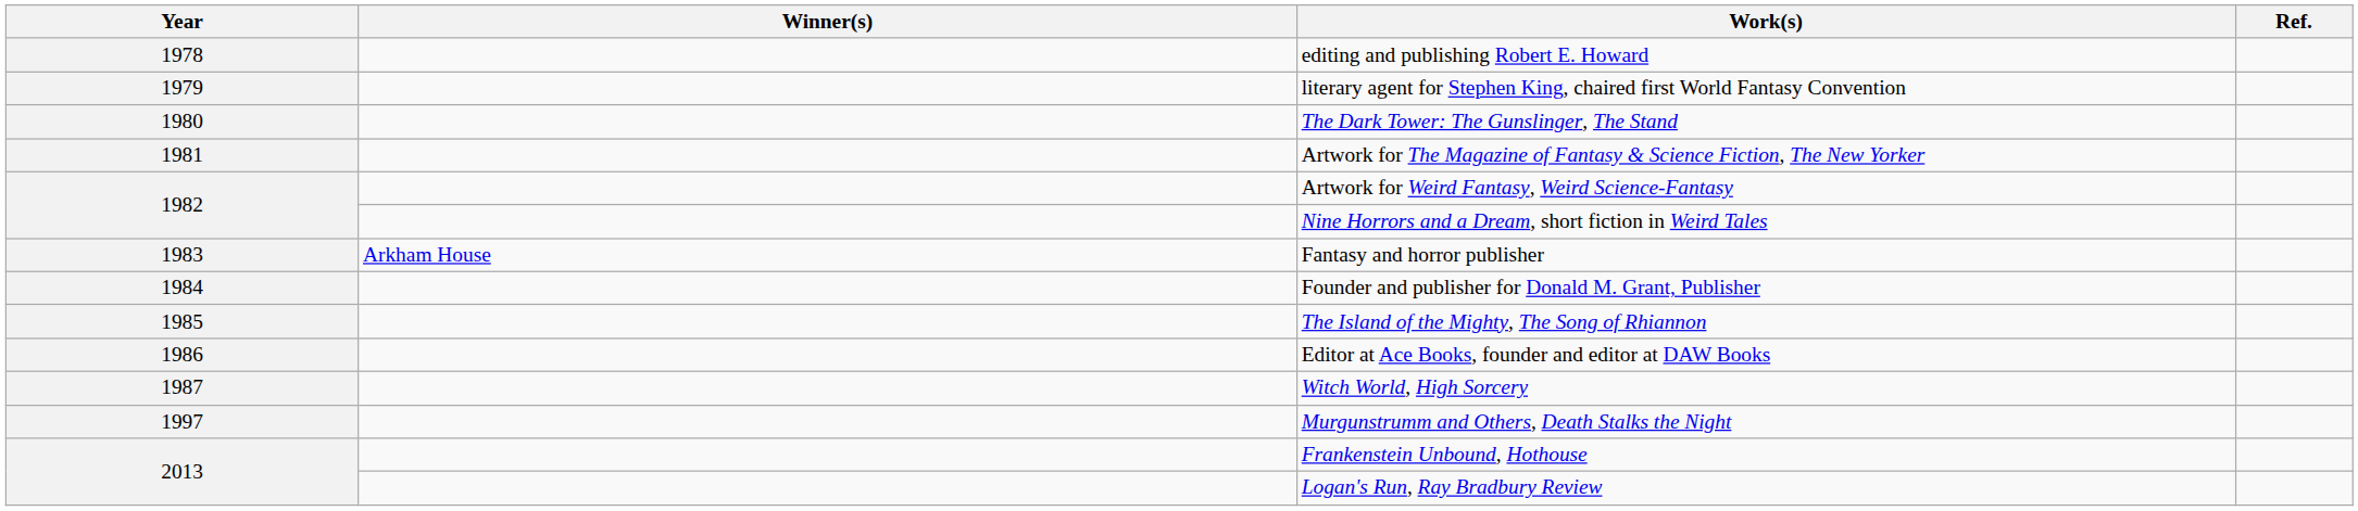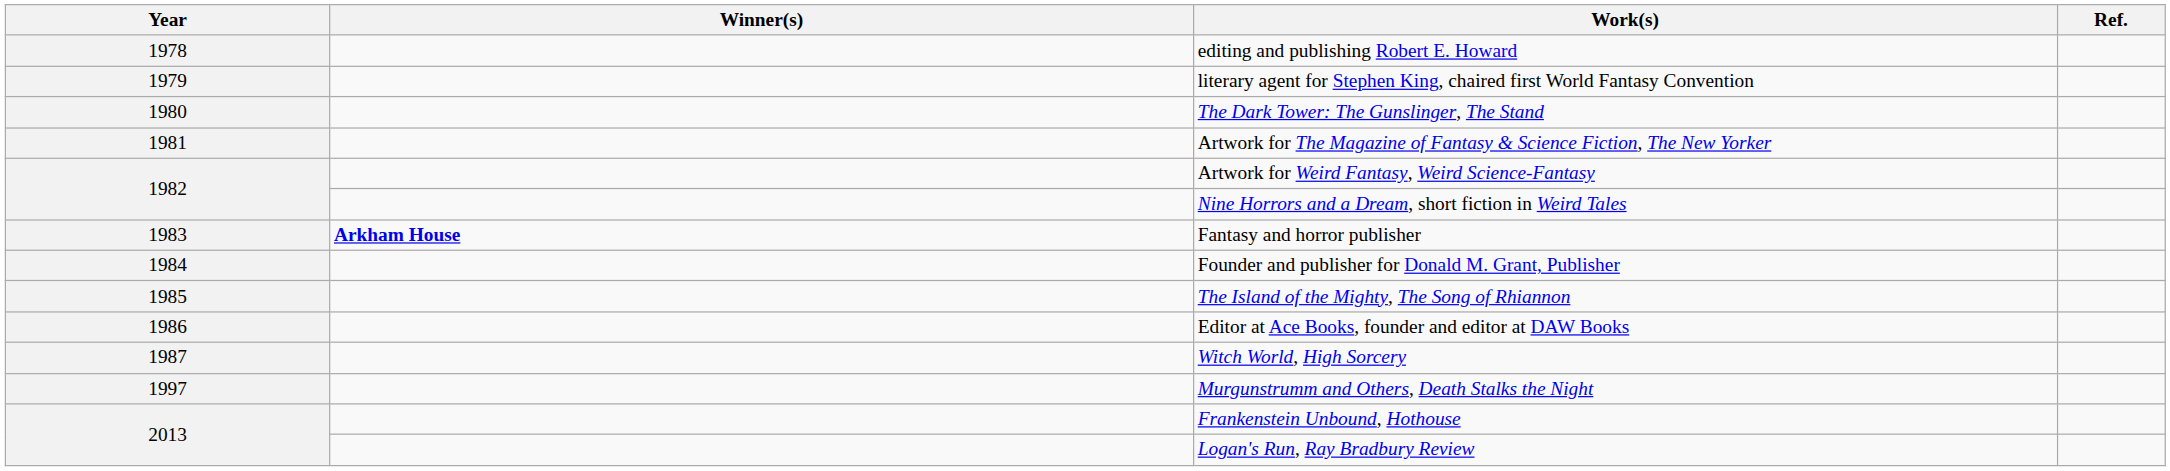 <table class="sortable wikitable" width="90%" cellpadding="5" style="margin: 1em auto 1em auto">
 <tr>
 <th width="15%" scope="col">Year</th>
 <th width="40%" scope="col">Winner(s)</th>
 <th width="40%" scope="col" class="unsortable">Work(s)</th>
 <th width="5%" scope="col" class="unsortable">Ref.</th>
 </tr>
 <tr>
 <th scope="row" align="center" style="font-weight:normal;">1978</th>
 <td></td>
 <td>editing and publishing <a href='#'>Robert E. Howard</a></td>
 <td align="center"></td>
 </tr>
 <tr>
 <th scope="row" align="center" style="font-weight:normal;">1979</th>
 <td></td>
 <td>literary agent for <a href='#'>Stephen King</a>, chaired first World Fantasy Convention</td>
 <td align="center"></td>
 </tr>
 <tr>
 <th scope="row" align="center" style="font-weight:normal;">1980</th>
 <td></td>
 <td><em><a href='#'>The Dark Tower: The Gunslinger</a></em>, <em><a href='#'>The Stand</a></em></td>
 <td align="center"></td>
 </tr>
 <tr>
 <th scope="row" align="center" style="font-weight:normal;">1981</th>
 <td></td>
 <td>Artwork for  <em><a href='#'>The Magazine of Fantasy & Science Fiction</a></em>, <em><a href='#'>The New Yorker</a></em></td>
 <td align="center"></td>
 </tr>
 <tr>
 <th scope="row" align="center" rowspan=2 style="font-weight:normal;">1982</th>
 <td></td>
 <td>Artwork for  <em><a href='#'>Weird Fantasy</a></em>, <em><a href='#'>Weird Science-Fantasy</a></em></td>
 <td align="center"></td>
 </tr>
 <tr>
 <td></td>
 <td><em><a href='#'>Nine Horrors and a Dream</a></em>, short fiction in <em><a href='#'>Weird Tales</a></em></td>
 <td align="center"></td>
 </tr>
 <tr>
 <th scope="row" align="center" style="font-weight:normal;">1983</th>
-<td><a href='#'>Arkham House</a></td>
+<td><strong><a href='#'>Arkham House</a></strong></td>
 <td>Fantasy and horror publisher</td>
 <td align="center"></td>
 </tr>
 <tr>
 <th scope="row" align="center" style="font-weight:normal;">1984</th>
 <td></td>
 <td>Founder and publisher for <a href='#'>Donald M. Grant, Publisher</a></td>
 <td align="center"></td>
 </tr>
 <tr>
 <th scope="row" align="center" style="font-weight:normal;">1985</th>
 <td></td>
 <td><em><a href='#'>The Island of the Mighty</a></em>, <em><a href='#'>The Song of Rhiannon</a></em></td>
 <td align="center"></td>
 </tr>
 <tr>
 <th scope="row" align="center" style="font-weight:normal;">1986</th>
 <td></td>
 <td>Editor at <a href='#'>Ace Books</a>, founder and editor at <a href='#'>DAW Books</a></td>
 <td align="center"></td>
 </tr>
 <tr>
 <th scope="row" align="center" style="font-weight:normal;">1987</th>
 <td></td>
 <td><em><a href='#'>Witch World</a></em>, <em><a href='#'>High Sorcery</a></em></td>
 <td align="center"></td>
 </tr>
 <tr>
 <th scope="row" align="center" style="font-weight:normal;">1997</th>
 <td></td>
 <td><em><a href='#'>Murgunstrumm and Others</a></em>, <em><a href='#'>Death Stalks the Night</a></em></td>
 <td align="center"></td>
 </tr>
 <tr>
 <th scope="rowgroup" align="center" rowspan=2 style="font-weight:normal;">2013</th>
 <td></td>
 <td><em><a href='#'>Frankenstein Unbound</a></em>, <em><a href='#'>Hothouse</a></em></td>
 <td align="center"></td>
 </tr>
 <tr>
 <td></td>
 <td><em><a href='#'>Logan's Run</a></em>, <em><a href='#'>Ray Bradbury Review</a></em></td>
 <td align="center"></td>
 </tr>
 </table>
